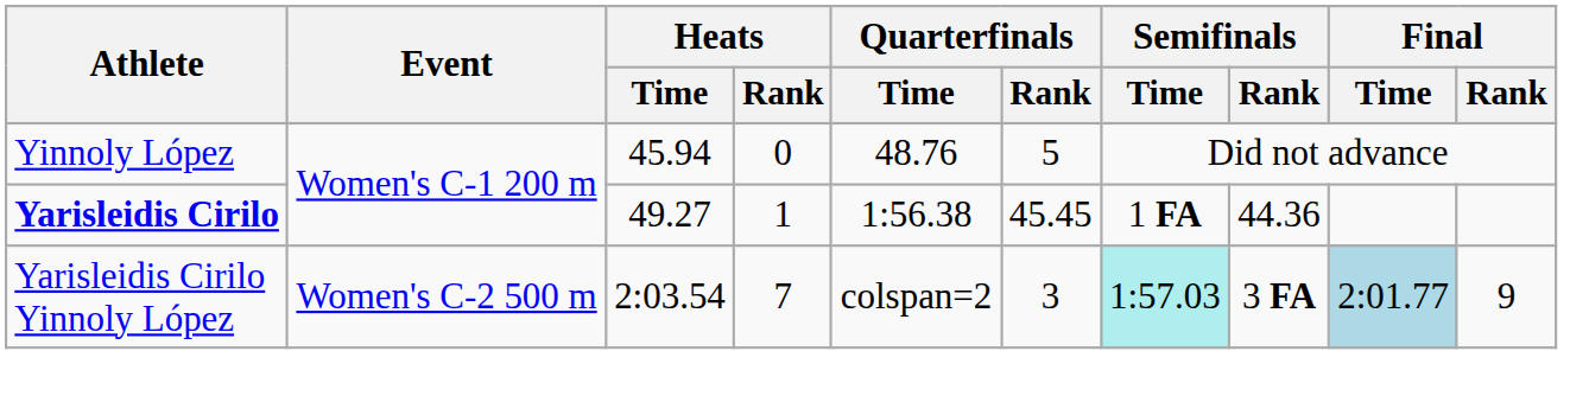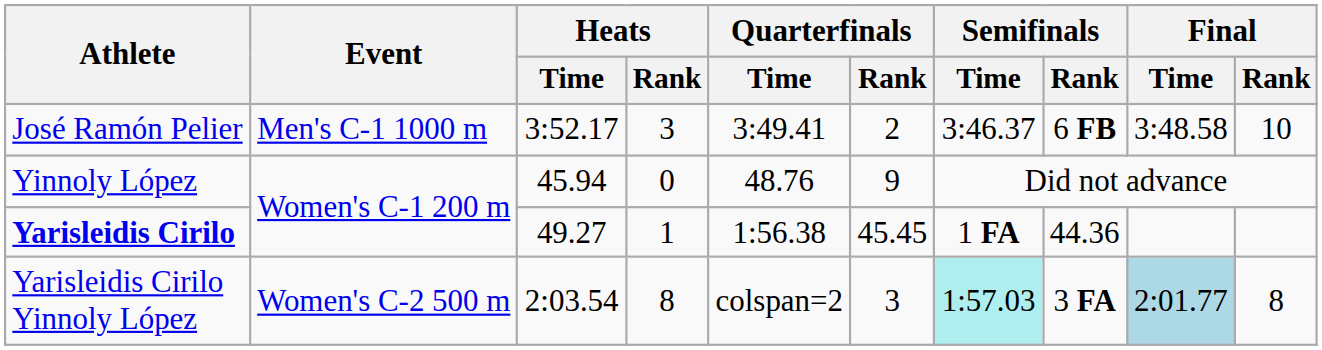 <table class=wikitable style="font-size:90%">
 <tr>
 <th rowspan="2">Athlete</th>
 <th rowspan="2">Event</th>
 <th colspan=2>Heats</th>
 <th colspan=2>Quarterfinals</th>
 <th colspan=2>Semifinals</th>
 <th colspan=2>Final</th>
 </tr>
 <tr style="font-size:95%">
 <th>Time</th>
 <th>Rank</th>
 <th>Time</th>
 <th>Rank</th>
 <th>Time</th>
 <th>Rank</th>
 <th>Time</th>
 <th>Rank</th>
 </tr>
 <tr align=center>
+<td align=left><a href='#'>José Ramón Pelier</a></td>
+<td align=left><a href='#'>Men's C-1 1000 m</a></td>
+<td>3:52.17</td>
+<td>3</td>
+<td>3:49.41</td>
+<td>2</td>
+<td>3:46.37</td>
+<td>6 <strong>FB</strong></td>
+<td>3:48.58</td>
+<td>10</td>
+</tr>
+<tr align=center>
 <td align=left><a href='#'>Yinnoly López</a></td>
 <td align=left rowspan=2><a href='#'>Women's C-1 200 m</a></td>
 <td>45.94</td>
 <td>0</td>
 <td>48.76</td>
-<td>5</td>
+<td>9</td>
 <td colspan="4">Did not advance</td>
 </tr>
 <tr align=center>
 <td align=left><strong><a href='#'>Yarisleidis Cirilo</a></strong></td>
 <td>49.27</td>
 <td>1</td>
 <td>1:56.38</td>
 <td>45.45</td>
 <td>1 <strong>FA</strong></td>
 <td>44.36</td>
 <td></td>
 </tr>
 <tr align=center>
 <td align=left><a href='#'>Yarisleidis Cirilo</a><br><a href='#'>Yinnoly López</a></td>
 <td align=left><a href='#'>Women's C-2 500 m</a></td>
 <td>2:03.54</td>
-<td>7</td>
+<td>8</td>
 <td>colspan=2 </td>
 <td>3</td>
 <td style="background: paleturquoise;">1:57.03</td>
 <td>3 <strong>FA</strong></td>
 <td style="background: lightblue;">2:01.77</td>
-<td>9</td>
+<td>8</td>
 </tr>
 </table>
